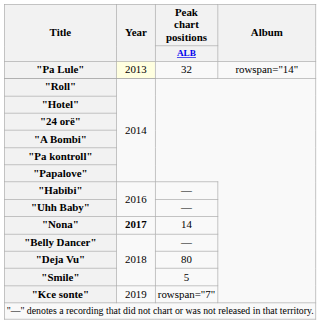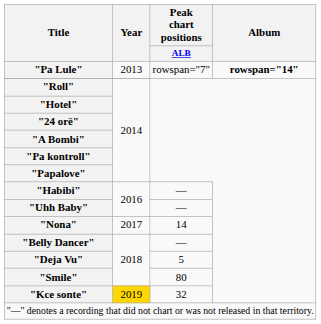 <table class="wikitable plainrowheaders" style="text-align:center;">
 <tr>
 <th scope="col" rowspan="2">Title</th>
 <th scope="col" rowspan="2">Year</th>
 <th scope="col" colspan="1">Peak<br>chart<br>positions</th>
 <th scope="col" rowspan="2">Album</th>
 </tr>
 <tr>
 <th scope="col" style="width:3em;font-size:85%;"><a href='#'>ALB</a><br></th>
 </tr>
 <tr>
 <th scope="row">"Pa Lule"<br></th>
-<td style="background: lightyellow;">2013</td>
-<td>32</td>
-<td>rowspan="14" </td>
+<td>2013</td>
+<td>rowspan="7" </td>
+<td><strong>rowspan="14" </strong></td>
 </tr>
 <tr>
 </tr>
 <tr>
 <th scope="row">"Roll"<br></th>
 <td rowspan="6">2014</td>
 </tr>
 <tr>
 <th scope="row">"Hotel"<br></th>
 </tr>
 <tr>
 <th scope="row">"24 orë"<br></th>
 </tr>
 <tr>
 <th scope="row">"A Bombi"<br></th>
 </tr>
 <tr>
 <th scope="row">"Pa kontroll"<br></th>
 </tr>
 <tr>
 <th scope="row">"Papalove"<br></th>
 </tr>
 <tr>
 <th scope="row">"Habibi"<br></th>
 <td rowspan="2">2016</td>
 <td>—</td>
 </tr>
 <tr>
 <th scope="row">"Uhh Baby"<br></th>
 <td>—</td>
 </tr>
 <tr>
 <th scope="row">"Nona"<br></th>
-<td><strong>2017</strong></td>
+<td>2017</td>
 <td>14</td>
 </tr>
 <tr>
 <th scope="row">"Belly Dancer"<br></th>
 <td rowspan="3">2018</td>
 <td>—</td>
 </tr>
 <tr>
 <th scope="row">"Deja Vu"<br></th>
+<td>5</td>
+</tr>
+<tr>
+<th scope="row">"Smile"<br></th>
 <td>80</td>
 </tr>
 <tr>
-<th scope="row">"Smile"<br></th>
-<td>5</td>
-</tr>
-<tr>
 <th scope="row">"Kce sonte"<br></th>
-<td>2019</td>
-<td>rowspan="7" </td>
+<td style="background: gold;">2019</td>
+<td>32</td>
 </tr>
 <tr>
 <td colspan="11" style="font-size:90%">"—" denotes a recording that did not chart or was not released in that territory.</td>
 </tr>
 </table>
